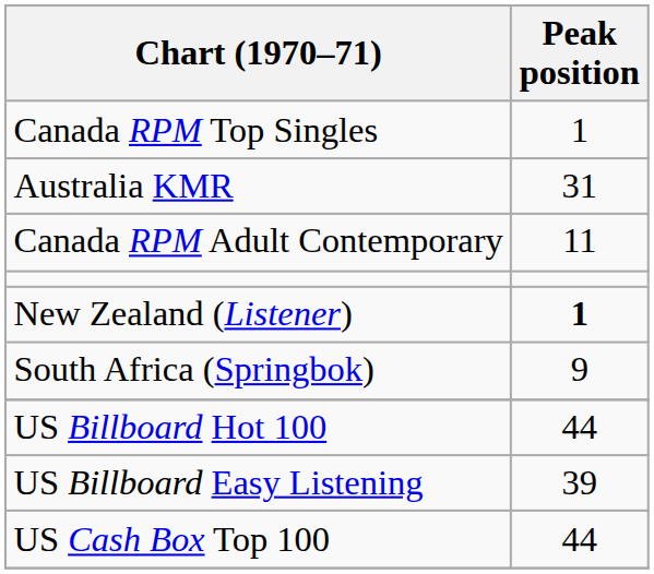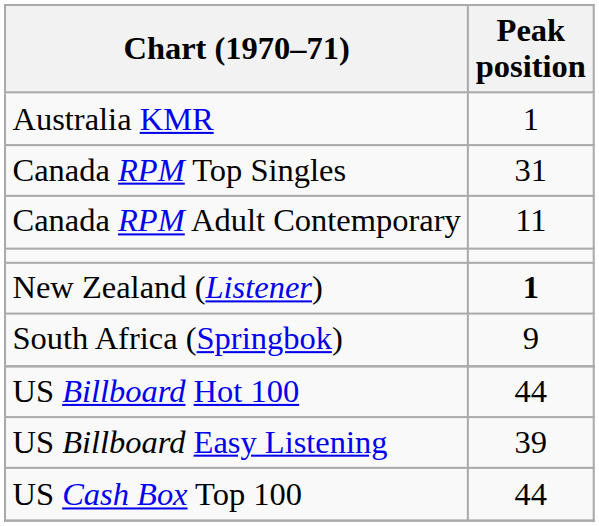 <table class="wikitable sortable">
 <tr>
 <th align="left">Chart (1970–71)</th>
 <th align="left">Peak<br>position</th>
 </tr>
 <tr>
-<td>Canada <a href='#'><em>RPM</em></a> Top Singles</td>
+<td>Australia <a href='#'>KMR</a></td>
 <td style="text-align:center;">1</td>
 </tr>
 <tr>
-<td>Australia <a href='#'>KMR</a></td>
+<td>Canada <a href='#'><em>RPM</em></a> Top Singles</td>
 <td style="text-align:center;">31</td>
 </tr>
 <tr>
 <td>Canada <a href='#'><em>RPM</em></a> Adult Contemporary</td>
 <td style="text-align:center;">11</td>
 </tr>
 <tr>
 <td></td>
 </tr>
 <tr>
 <td>New Zealand (<em><a href='#'>Listener</a></em>)</td>
 <td style="text-align:center;"><strong>1</strong></td>
 </tr>
 <tr>
 <td>South Africa (<a href='#'>Springbok</a>)</td>
 <td align="center">9</td>
 </tr>
 <tr>
 </tr>
 <tr>
 <td>US <em><a href='#'>Billboard</a></em> <a href='#'>Hot 100</a></td>
 <td style="text-align:center;">44</td>
 </tr>
 <tr>
 <td>US <em>Billboard</em> <a href='#'>Easy Listening</a></td>
 <td align="center">39</td>
 </tr>
 <tr>
 <td>US <em><a href='#'>Cash Box</a></em> Top 100</td>
 <td style="text-align:center;">44</td>
 </tr>
 <tr>
 </tr>
 </table>
